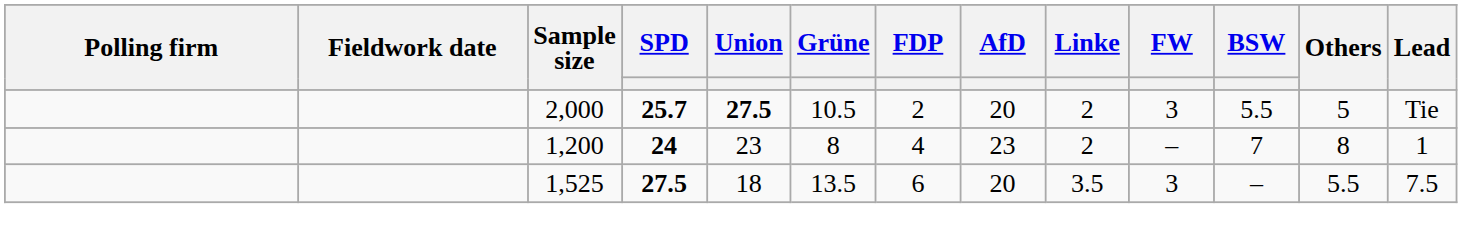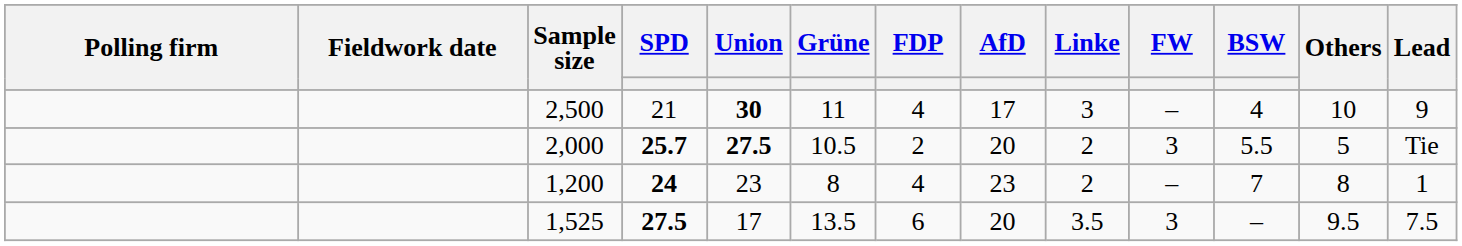 <table class="wikitable sortable mw-datatable mw-collapsible" style="text-align:center;font-size:90%;line-height:14px;">
 <tr style="height:40px;">
 <th style="width:155px;" rowspan="2">Polling firm</th>
 <th style="width:120px;" rowspan="2">Fieldwork date</th>
 <th style="width: 35px;" rowspan="2">Sample<br>size</th>
 <th class="unsortable" style="width:40px;"><a href='#'>SPD</a></th>
 <th class="unsortable" style="width:40px;"><a href='#'>Union</a></th>
 <th class="unsortable" style="width:40px;"><a href='#'>Grüne</a></th>
 <th class="unsortable" style="width:40px;"><a href='#'>FDP</a></th>
 <th class="unsortable" style="width:40px;"><a href='#'>AfD</a></th>
 <th class="unsortable" style="width:40px;"><a href='#'>Linke</a></th>
 <th class="unsortable" style="width:40px;"><a href='#'>FW</a></th>
 <th class="unsortable" style="width:40px;"><a href='#'>BSW</a></th>
 <th class="unsortable" style="width:30px;" rowspan="2">Others</th>
 <th style="width:30px;" rowspan="2">Lead</th>
 </tr>
 <tr>
 <th style="background:"></th>
 <th style="background:"></th>
 <th style="background:"></th>
 <th style="background:"></th>
 <th style="background:"></th>
 <th style="background:"></th>
 <th style="background:"></th>
 <th style="background:"></th>
+</tr>
+<tr>
+<td></td>
+<td></td>
+<td>2,500</td>
+<td>21</td>
+<td><strong>30</strong></td>
+<td>11</td>
+<td>4</td>
+<td>17</td>
+<td>3</td>
+<td>–</td>
+<td>4</td>
+<td>10</td>
+<td style="background:">9</td>
 </tr>
 <tr>
 <td></td>
 <td></td>
 <td>2,000</td>
 <td><strong>25.7</strong></td>
 <td><strong>27.5</strong></td>
 <td>10.5</td>
 <td>2</td>
 <td>20</td>
 <td>2</td>
 <td>3</td>
 <td>5.5</td>
 <td>5</td>
 <td>Tie</td>
 </tr>
 <tr>
 <td></td>
 <td></td>
 <td>1,200</td>
 <td><strong>24</strong></td>
 <td>23</td>
 <td>8</td>
 <td>4</td>
 <td>23</td>
 <td>2</td>
 <td>–</td>
 <td>7</td>
 <td>8</td>
 <td style="background:">1</td>
 </tr>
 <tr>
 <td></td>
 <td></td>
 <td>1,525</td>
 <td><strong>27.5</strong></td>
-<td>18</td>
+<td>17</td>
 <td>13.5</td>
 <td>6</td>
 <td>20</td>
 <td>3.5</td>
 <td>3</td>
 <td>–</td>
-<td>5.5</td>
+<td>9.5</td>
 <td style="background:">7.5</td>
 </tr>
 </table>
